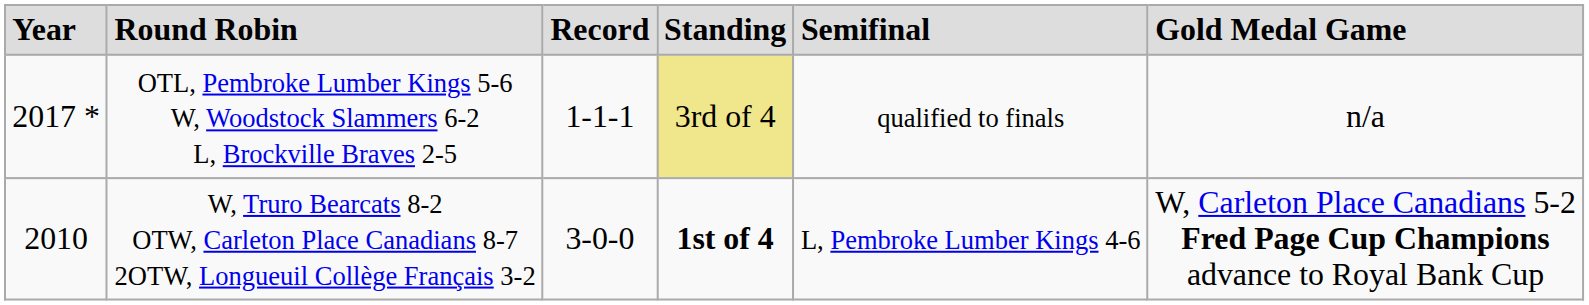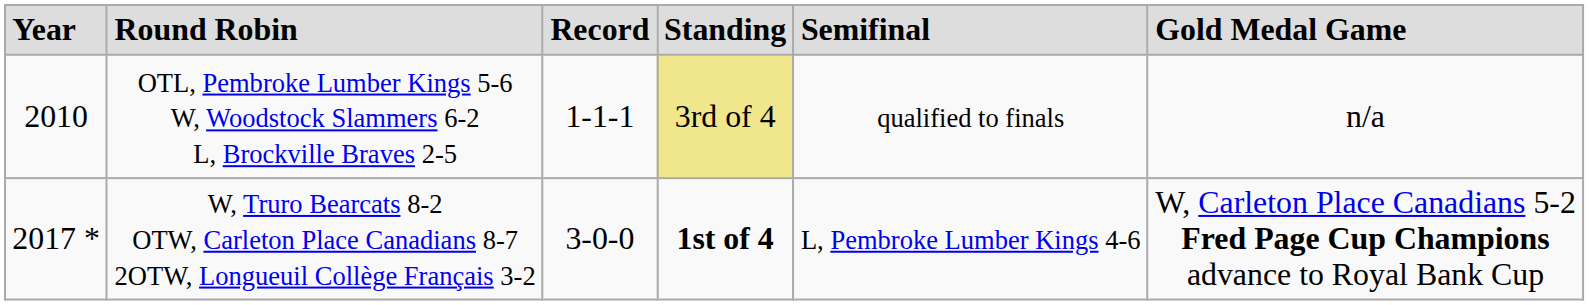 <table class="wikitable">
 <tr style="font-weight:bold; background-color:#dddddd;" |>
 <td>Year</td>
 <td>Round Robin</td>
 <td>Record</td>
 <td>Standing</td>
 <td>Semifinal</td>
 <td>Gold Medal Game</td>
 </tr>
 <tr align=center>
-<td>2017 *</td>
+<td>2010</td>
 <td><small>OTL, <a href='#'>Pembroke Lumber Kings</a> 5-6<br>W, <a href='#'>Woodstock Slammers</a> 6-2<br>L, <a href='#'>Brockville Braves</a> 2-5</small></td>
 <td>1-1-1</td>
 <td style="background: khaki;">3rd of 4</td>
 <td><small>qualified to finals</small></td>
 <td>n/a</td>
 </tr>
 <tr align=center>
-<td>2010</td>
+<td>2017 *</td>
 <td><small>W, <a href='#'>Truro Bearcats</a> 8-2<br>OTW, <a href='#'>Carleton Place Canadians</a> 8-7<br>2OTW, <a href='#'>Longueuil Collège Français</a> 3-2</small></td>
 <td>3-0-0</td>
 <td><strong>1st of 4</strong></td>
 <td><small>L, <a href='#'>Pembroke Lumber Kings</a> 4-6</small></td>
 <td>W, <a href='#'>Carleton Place Canadians</a> 5-2<br><strong>Fred Page Cup Champions</strong><br>advance to Royal Bank Cup</td>
 </tr>
 </table>
